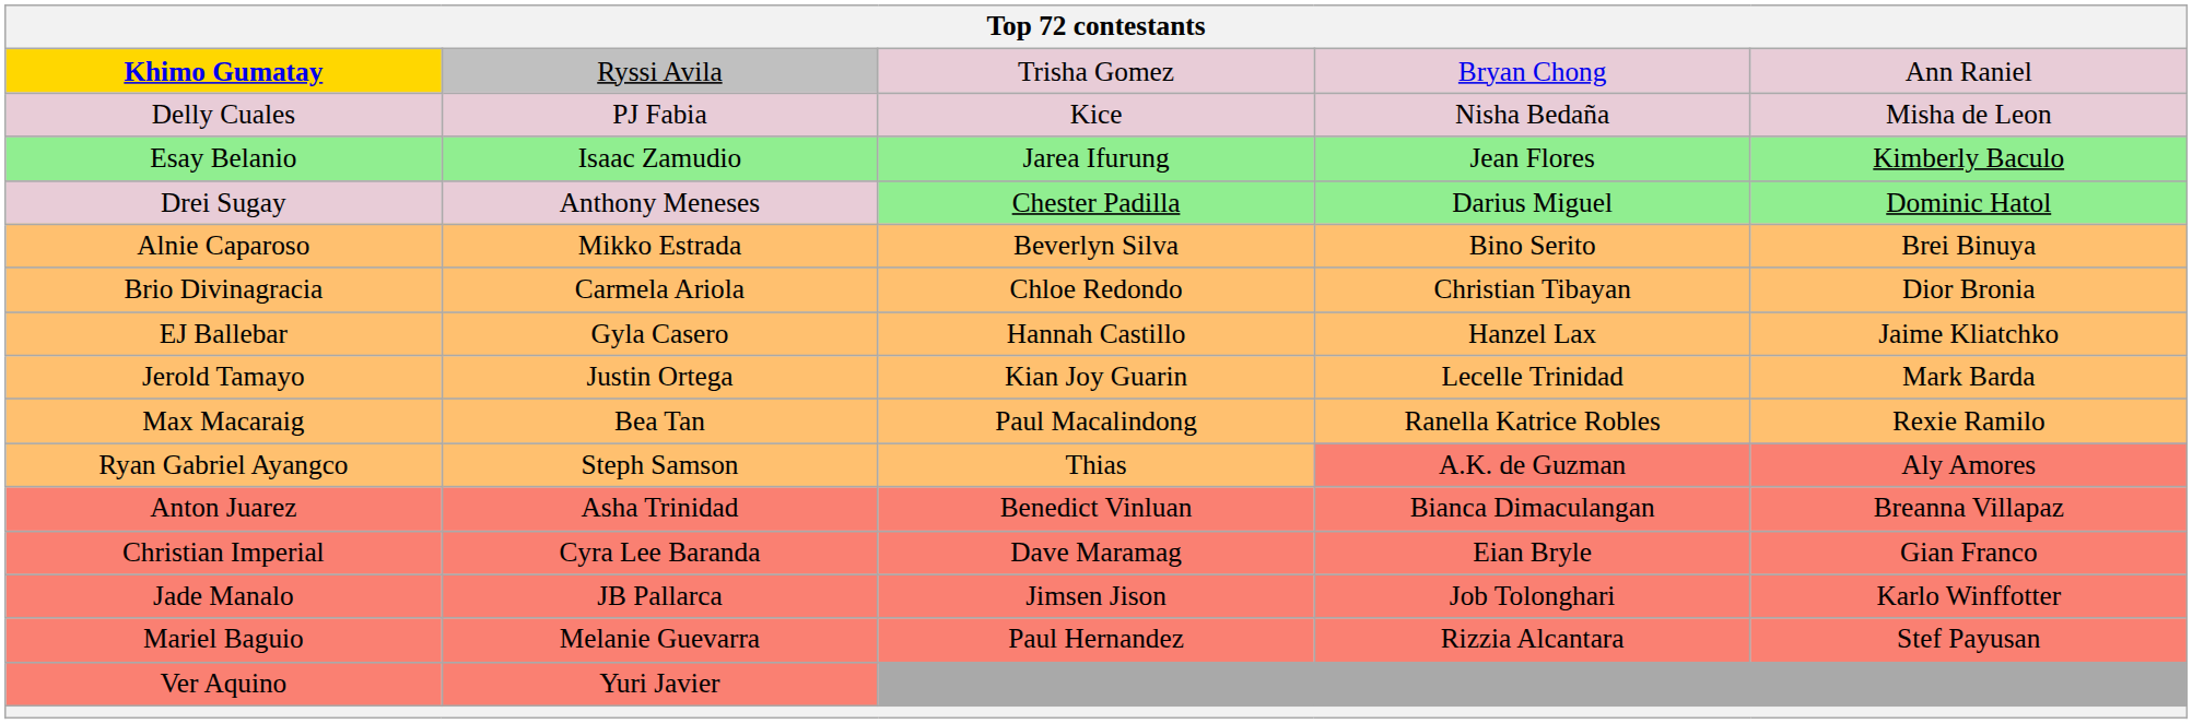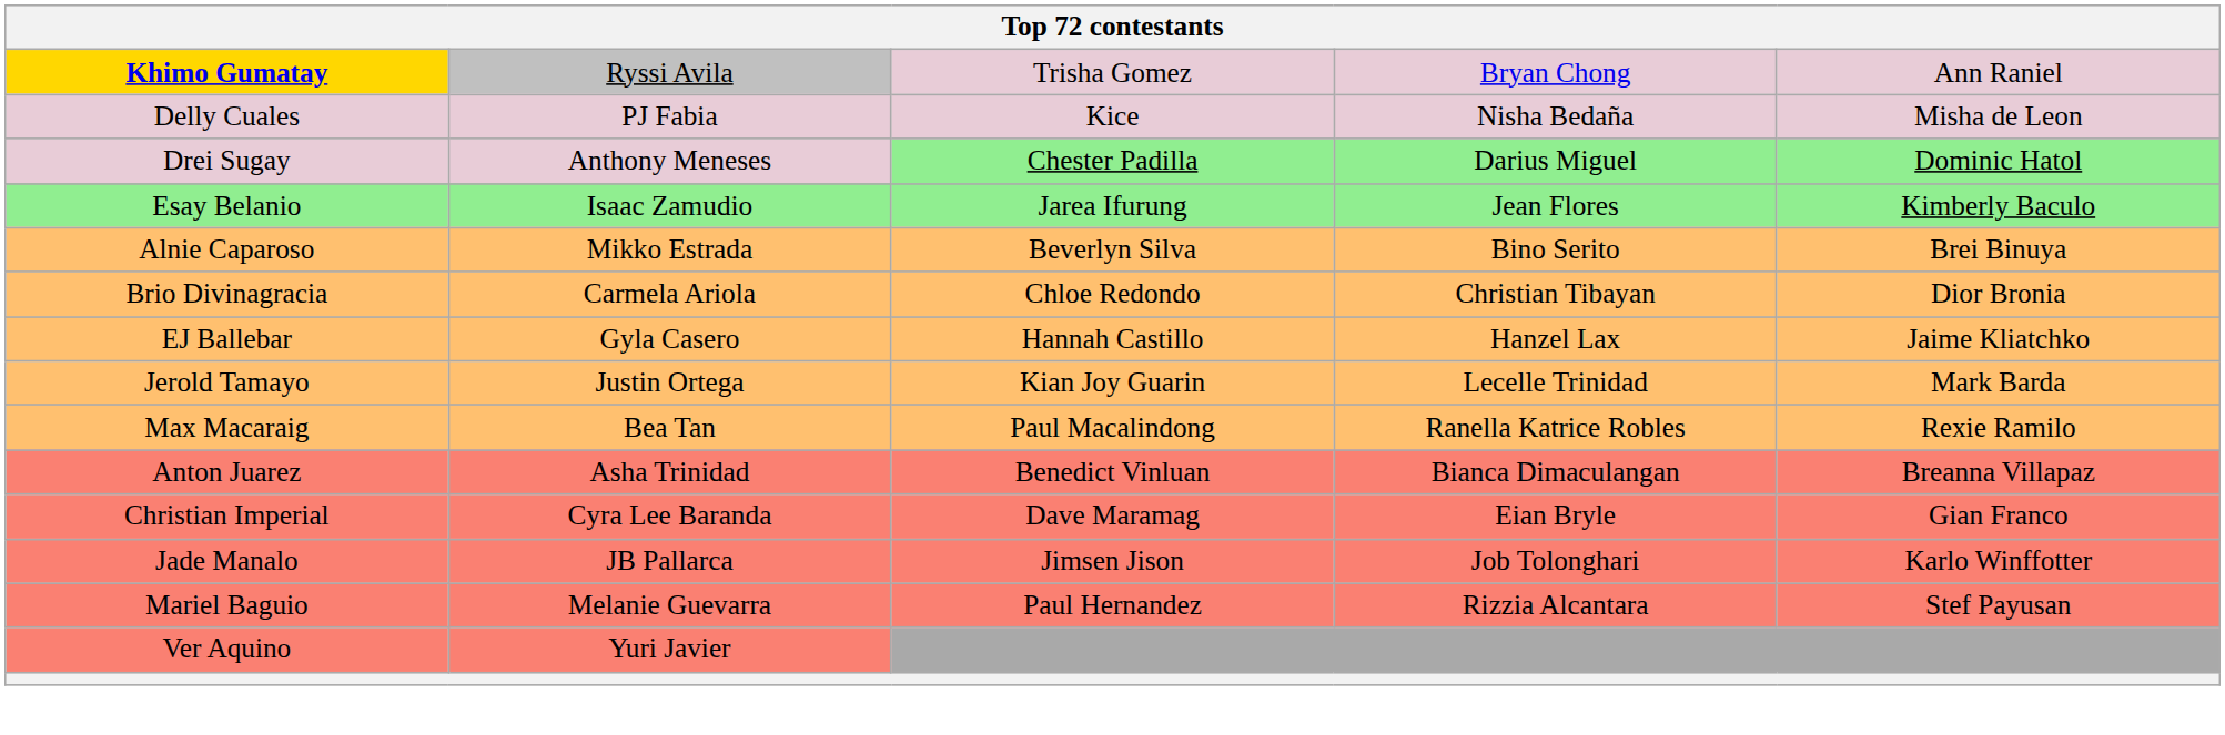 <table class="wikitable" style="text-align:center; width:100%">
 <tr>
 <th colspan="5" scope="col" style="width:100%;">Top 72 contestants</th>
 </tr>
 <tr>
 <td width="10%" style="background:gold;"><strong><a href='#'>Khimo Gumatay</a></strong></td>
 <td width="10%" style="background:silver;"><u>Ryssi Avila</u></td>
 <td style="background:#E8CCD7;">Trisha Gomez</td>
 <td width="10%" style="background:#E8CCD7;"><a href='#'>Bryan Chong</a></td>
 <td width="10%" style="background:#E8CCD7;">Ann Raniel</td>
 </tr>
 <tr>
 <td style="background:#E8CCD7;">Delly Cuales</td>
 <td style="background:#E8CCD7;">PJ Fabia</td>
 <td width="10%" style="background:#E8CCD7;">Kice</td>
 <td style="background:#E8CCD7;">Nisha Bedaña</td>
 <td style="background:#E8CCD7;">Misha de Leon</td>
 </tr>
 <tr>
+<td style="background:#E8CCD7;">Drei Sugay</td>
+<td style="background:#E8CCD7;">Anthony Meneses</td>
+<td style="background:#90EE90;"><u>Chester Padilla</u></td>
+<td style="background:#90EE90;">Darius Miguel</td>
+<td style="background:#90EE90;"><u>Dominic Hatol</u></td>
+</tr>
+<tr>
 <td style="background:#90EE90;">Esay Belanio</td>
 <td style="background:#90EE90;">Isaac Zamudio</td>
 <td style="background:#90EE90;">Jarea Ifurung</td>
 <td style="background:#90EE90;">Jean Flores</td>
 <td style="background:#90EE90;"><u>Kimberly Baculo</u></td>
-</tr>
-<tr>
-<td style="background:#E8CCD7;">Drei Sugay</td>
-<td style="background:#E8CCD7;">Anthony Meneses</td>
-<td style="background:#90EE90;"><u>Chester Padilla</u></td>
-<td style="background:#90EE90;">Darius Miguel</td>
-<td style="background:#90EE90;"><u>Dominic Hatol</u></td>
 </tr>
 <tr>
 <td style="background:#FFC06F;">Alnie Caparoso</td>
 <td style="background:#FFC06F;">Mikko Estrada</td>
 <td style="background:#FFC06F;">Beverlyn Silva</td>
 <td style="background:#FFC06F;">Bino Serito</td>
 <td style="background:#FFC06F;">Brei Binuya</td>
 </tr>
 <tr>
 <td style="background:#FFC06F;">Brio Divinagracia</td>
 <td style="background:#FFC06F;">Carmela Ariola</td>
 <td style="background:#FFC06F;">Chloe Redondo</td>
 <td style="background:#FFC06F;">Christian Tibayan</td>
 <td style="background:#FFC06F;">Dior Bronia</td>
 </tr>
 <tr>
 <td style="background:#FFC06F;">EJ Ballebar</td>
 <td style="background:#FFC06F;">Gyla Casero</td>
 <td style="background:#FFC06F;">Hannah Castillo</td>
 <td style="background:#FFC06F;">Hanzel Lax</td>
 <td style="background:#FFC06F;">Jaime Kliatchko</td>
 </tr>
 <tr>
 <td style="background:#FFC06F;">Jerold Tamayo</td>
 <td style="background:#FFC06F;">Justin Ortega</td>
 <td style="background:#FFC06F;">Kian Joy Guarin</td>
 <td style="background:#FFC06F;">Lecelle Trinidad</td>
 <td style="background:#FFC06F;">Mark Barda</td>
 </tr>
 <tr>
 <td style="background:#FFC06F;">Max Macaraig</td>
 <td style="background:#FFC06F;">Bea Tan</td>
 <td style="background:#FFC06F;">Paul Macalindong</td>
 <td style="background:#FFC06F;">Ranella Katrice Robles</td>
 <td style="background:#FFC06F;">Rexie Ramilo</td>
-</tr>
-<tr>
-<td style="background:#FFC06F;">Ryan Gabriel Ayangco</td>
-<td style="background:#FFC06F;">Steph Samson</td>
-<td style="background:#FFC06F;">Thias</td>
-<td style="background:salmon;">A.K. de Guzman</td>
-<td style="background:salmon;">Aly Amores</td>
 </tr>
 <tr>
 <td style="background:salmon;">Anton Juarez</td>
 <td style="background:salmon;">Asha Trinidad</td>
 <td style="background:salmon;">Benedict Vinluan</td>
 <td style="background:salmon;">Bianca Dimaculangan</td>
 <td style="background:salmon;">Breanna Villapaz</td>
 </tr>
 <tr>
 <td style="background:salmon;">Christian Imperial</td>
 <td style="background:salmon;">Cyra Lee Baranda</td>
 <td style="background:salmon;">Dave Maramag</td>
 <td style="background:salmon;">Eian Bryle</td>
 <td style="background:salmon;">Gian Franco</td>
 </tr>
 <tr>
 <td style="background:salmon;">Jade Manalo</td>
 <td style="background:salmon;">JB Pallarca</td>
 <td style="background:salmon;">Jimsen Jison</td>
 <td style="background:salmon;">Job Tolonghari</td>
 <td style="background:salmon;">Karlo Winffotter</td>
 </tr>
 <tr>
 <td style="background:salmon;">Mariel Baguio</td>
 <td style="background:salmon;">Melanie Guevarra</td>
 <td style="background:salmon;">Paul Hernandez</td>
 <td style="background:salmon;">Rizzia Alcantara</td>
 <td style="background:salmon;">Stef Payusan</td>
 </tr>
 <tr>
 <td style="background:salmon;">Ver Aquino</td>
 <td style="background:salmon;">Yuri Javier</td>
 <td colspan="3" style="background:darkgray;"></td>
 </tr>
 <tr>
 <th style="font-size:100%" colspan="5"></th>
 </tr>
 </table>
